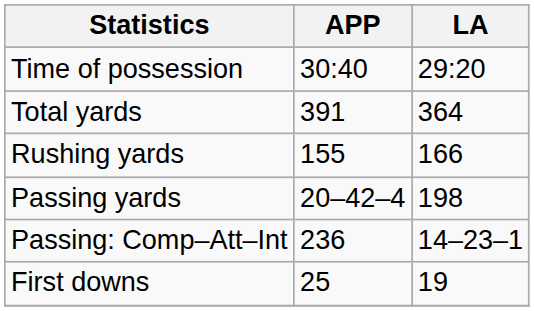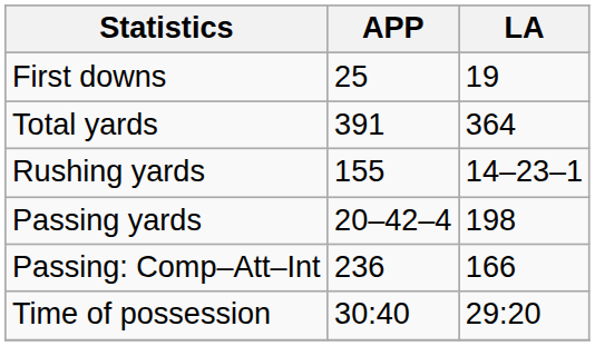 <table class="wikitable" style="float: left;">
 <tr>
 <th>Statistics</th>
 <th>APP</th>
 <th>LA</th>
 </tr>
 <tr>
-<td>Time of possession</td>
-<td>30:40</td>
-<td>29:20</td>
+<td>First downs</td>
+<td>25</td>
+<td>19</td>
 </tr>
 <tr>
 <td>Total yards</td>
 <td>391</td>
 <td>364</td>
 </tr>
 <tr>
 <td>Rushing yards</td>
 <td>155</td>
-<td>166</td>
+<td>14–23–1</td>
 </tr>
 <tr>
 <td>Passing yards</td>
 <td>20–42–4</td>
 <td>198</td>
 </tr>
 <tr>
 <td>Passing: Comp–Att–Int</td>
 <td>236</td>
-<td>14–23–1</td>
+<td>166</td>
 </tr>
 <tr>
-<td>First downs</td>
-<td>25</td>
-<td>19</td>
+<td>Time of possession</td>
+<td>30:40</td>
+<td>29:20</td>
 </tr>
 <tr>
 </tr>
 </table>
